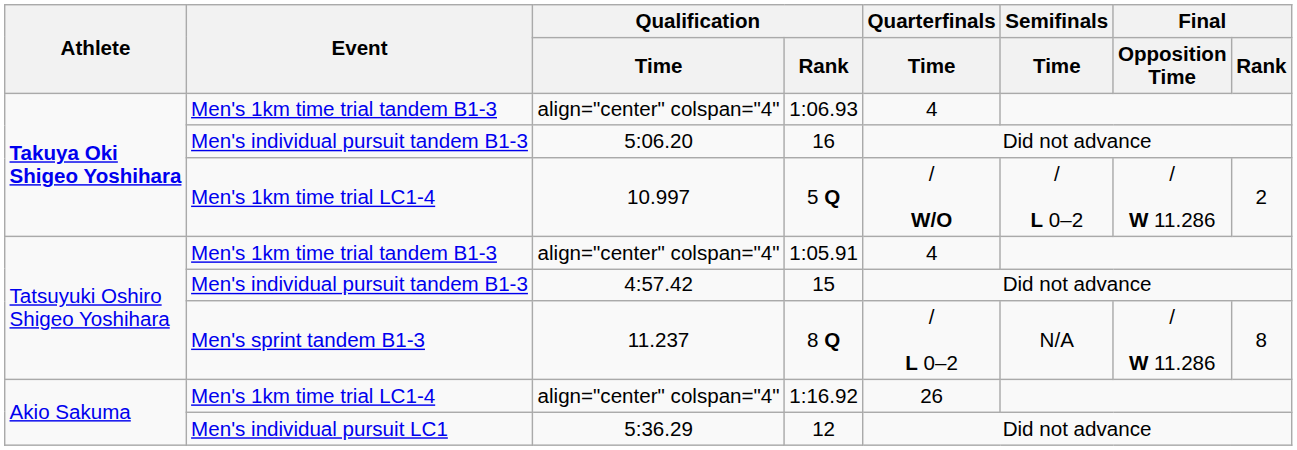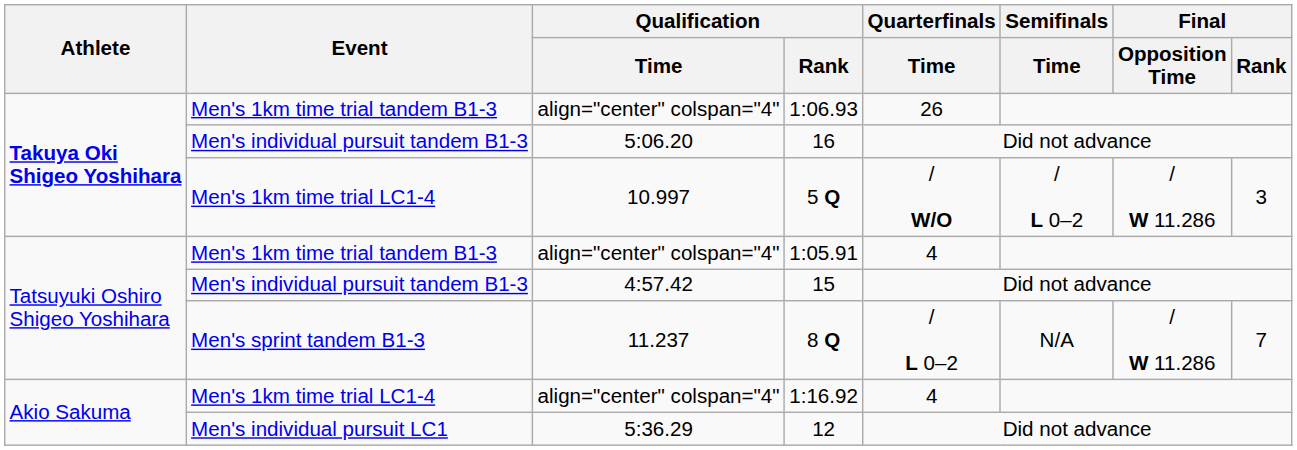 <table class=wikitable style="font-size:90%">
 <tr>
 <th rowspan="2">Athlete</th>
 <th rowspan="2">Event</th>
 <th colspan="2">Qualification</th>
 <th>Quarterfinals</th>
 <th>Semifinals</th>
 <th colspan="2">Final</th>
 </tr>
 <tr>
 <th>Time</th>
 <th>Rank</th>
 <th>Time</th>
 <th>Time</th>
 <th>Opposition<br>Time</th>
 <th>Rank</th>
 </tr>
 <tr>
 <td rowspan="3"><strong><a href='#'>Takuya Oki</a></strong><br> <strong><a href='#'>Shigeo Yoshihara</a></strong></td>
 <td><a href='#'>Men's 1km time trial tandem B1-3</a></td>
 <td>align="center" colspan="4" </td>
 <td align="center">1:06.93</td>
-<td align="center">4</td>
+<td align="center">26</td>
 </tr>
 <tr>
 <td><a href='#'>Men's individual pursuit tandem B1-3</a></td>
 <td align="center">5:06.20</td>
 <td align="center">16</td>
 <td align="center" colspan="4">Did not advance</td>
 </tr>
 <tr>
 <td><a href='#'>Men's 1km time trial LC1-4</a></td>
 <td align="center">10.997</td>
 <td align="center">5 <strong>Q</strong></td>
 <td align="center"> /<br> <br> <strong>W/O</strong></td>
 <td align="center"> /<br> <br> <strong>L</strong> 0–2</td>
 <td align="center"> /<br> <br> <strong>W</strong> 11.286</td>
-<td align="center">2</td>
+<td align="center">3</td>
 </tr>
 <tr>
 <td rowspan="3"><a href='#'>Tatsuyuki Oshiro</a><br> <a href='#'>Shigeo Yoshihara</a></td>
 <td><a href='#'>Men's 1km time trial tandem B1-3</a></td>
 <td>align="center" colspan="4" </td>
 <td align="center">1:05.91</td>
 <td align="center">4</td>
 </tr>
 <tr>
 <td><a href='#'>Men's individual pursuit tandem B1-3</a></td>
 <td align="center">4:57.42</td>
 <td align="center">15</td>
 <td align="center" colspan="4">Did not advance</td>
 </tr>
 <tr>
 <td><a href='#'>Men's sprint tandem B1-3</a></td>
 <td align="center">11.237</td>
 <td align="center">8 <strong>Q</strong></td>
 <td align="center"> /<br> <br> <strong>L</strong> 0–2</td>
 <td align="center">N/A</td>
 <td align="center"> /<br> <br> <strong>W</strong> 11.286</td>
-<td align="center">8</td>
+<td align="center">7</td>
 </tr>
 <tr>
 <td rowspan="2"><a href='#'>Akio Sakuma</a></td>
 <td><a href='#'>Men's 1km time trial LC1-4</a></td>
 <td>align="center" colspan="4" </td>
 <td align="center">1:16.92</td>
-<td align="center">26</td>
+<td align="center">4</td>
 </tr>
 <tr>
 <td><a href='#'>Men's individual pursuit LC1</a></td>
 <td align="center">5:36.29</td>
 <td align="center">12</td>
 <td align="center" colspan="4">Did not advance</td>
 </tr>
 </table>
